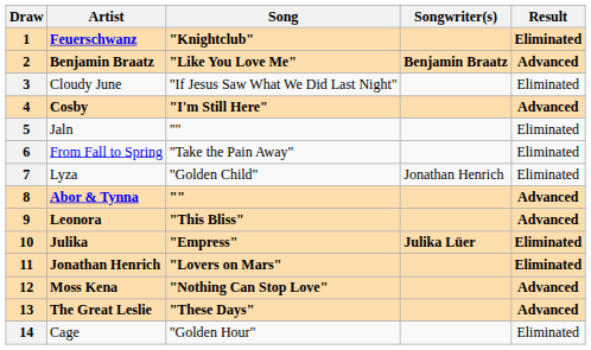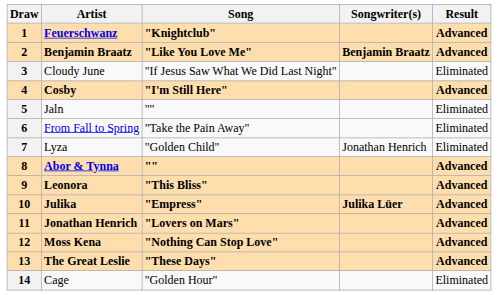 <table class="sortable wikitable plainrowheaders" style="margin: 1em auto 1em auto; text-align:center;">
 <tr>
 <th>Draw</th>
 <th>Artist</th>
 <th>Song</th>
 <th class="unsortable">Songwriter(s)</th>
 <th>Result</th>
 </tr>
 <tr style="background:navajowhite; font-weight:bold;">
 <th scope="row" style="text-align:center; font-weight:bold; background-color:navajowhite;">1</th>
 <td align="left"><a href='#'>Feuerschwanz</a></td>
 <td align="left">"Knightclub"</td>
 <td align="left"></td>
-<td>Eliminated</td>
+<td>Advanced</td>
 </tr>
 <tr style="background:navajowhite; font-weight:bold;">
 <th scope="row" style="text-align:center; font-weight:bold; background-color:navajowhite;">2</th>
 <td align="left">Benjamin Braatz</td>
 <td align="left">"Like You Love Me"</td>
 <td align="left">Benjamin Braatz</td>
 <td>Advanced</td>
 </tr>
 <tr>
 <th scope="row" style="text-align:center;">3</th>
 <td align="left">Cloudy June</td>
 <td align="left">"If Jesus Saw What We Did Last Night"</td>
 <td align="left"></td>
 <td>Eliminated</td>
 </tr>
 <tr style="background:navajowhite; font-weight:bold;">
 <th scope="row" style="text-align:center; font-weight:bold; background-color:navajowhite;">4</th>
 <td align="left">Cosby</td>
 <td align="left">"I'm Still Here"</td>
 <td align="left"></td>
 <td>Advanced</td>
 </tr>
 <tr>
 <th scope="row" style="text-align:center;">5</th>
 <td align="left">Jaln</td>
 <td align="left">""</td>
 <td align="left"></td>
 <td>Eliminated</td>
 </tr>
 <tr>
 <th scope="row" style="text-align:center;">6</th>
 <td align="left"><a href='#'>From Fall to Spring</a></td>
 <td align="left">"Take the Pain Away"</td>
 <td align="left"></td>
 <td>Eliminated</td>
 </tr>
 <tr>
 <th scope="row" style="text-align:center;">7</th>
 <td align="left">Lyza</td>
 <td align="left">"Golden Child"</td>
 <td align="left">Jonathan Henrich</td>
 <td>Eliminated</td>
 </tr>
 <tr style="background:navajowhite; font-weight:bold;">
 <th scope="row" style="text-align:center; font-weight:bold; background-color:navajowhite;">8</th>
 <td align="left"><a href='#'>Abor & Tynna</a></td>
 <td align="left">""</td>
 <td align="left"></td>
 <td>Advanced</td>
 </tr>
 <tr style="background:navajowhite; font-weight:bold;">
 <th scope="row" style="text-align:center; font-weight:bold; background-color:navajowhite;">9</th>
 <td align="left">Leonora</td>
 <td align="left">"This Bliss"</td>
 <td align="left"></td>
 <td>Advanced</td>
 </tr>
 <tr style="background:navajowhite; font-weight:bold;">
 <th scope="row" style="text-align:center; font-weight:bold; background-color:navajowhite;">10</th>
 <td align="left">Julika</td>
 <td align="left">"Empress"</td>
 <td align="left">Julika Lüer</td>
-<td>Eliminated</td>
+<td>Advanced</td>
 </tr>
 <tr style="background:navajowhite; font-weight:bold;">
 <th scope="row" style="text-align:center; font-weight:bold; background-color:navajowhite;">11</th>
 <td align="left">Jonathan Henrich</td>
 <td align="left">"Lovers on Mars"</td>
 <td align="left"></td>
-<td>Eliminated</td>
+<td>Advanced</td>
 </tr>
 <tr style="background:navajowhite; font-weight:bold;">
 <th scope="row" style="text-align:center; font-weight:bold; background-color:navajowhite;">12</th>
 <td align="left">Moss Kena</td>
 <td align="left">"Nothing Can Stop Love"</td>
 <td align="left"></td>
 <td>Advanced</td>
 </tr>
 <tr style="background:navajowhite; font-weight:bold;">
 <th scope="row" style="text-align:center; font-weight:bold; background-color:navajowhite;">13</th>
 <td align="left">The Great Leslie</td>
 <td align="left">"These Days"</td>
 <td align="left"></td>
 <td>Advanced</td>
 </tr>
 <tr>
 <th scope="row" style="text-align:center;">14</th>
 <td align="left">Cage</td>
 <td align="left">"Golden Hour"</td>
 <td align="left"></td>
 <td>Eliminated</td>
 </tr>
 </table>
